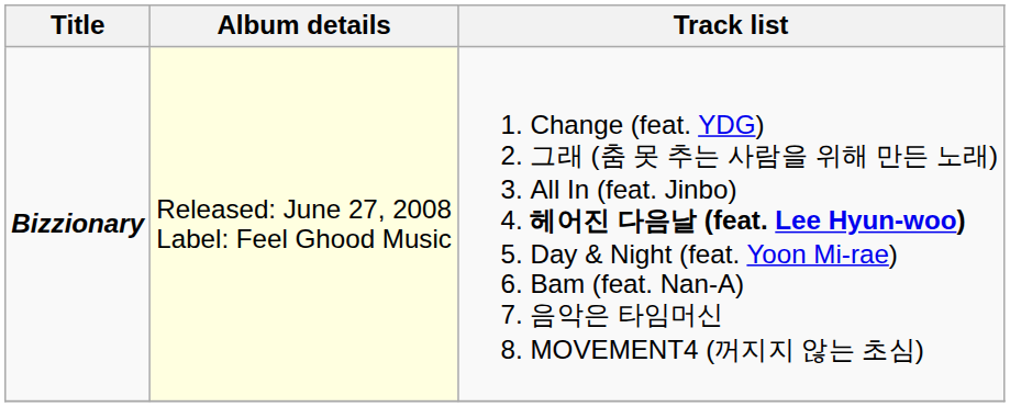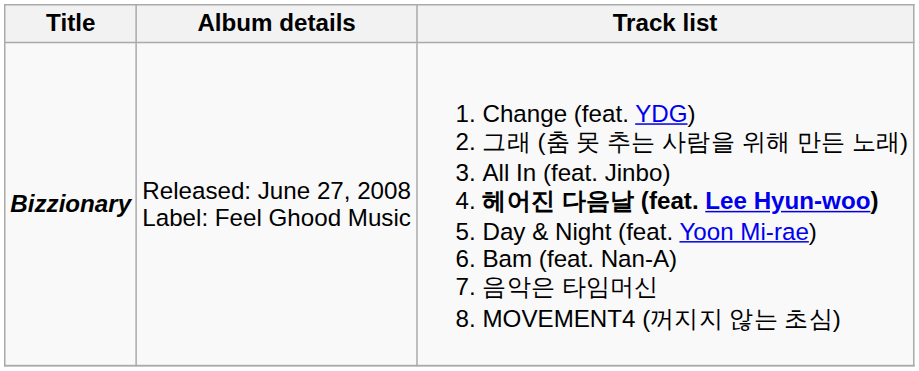 <table class="wikitable">
 <tr>
 <th>Title</th>
 <th>Album details</th>
 <th>Track list</th>
 </tr>
 <tr>
 <td><strong><em>Bizzionary</em></strong></td>
-<td style="background: lightyellow;">Released: June 27, 2008<br>Label: Feel Ghood Music</td>
+<td>Released: June 27, 2008<br>Label: Feel Ghood Music</td>
 <td><br><ol><li>Change (feat. <a href='#'>YDG</a>)</li><li>그래 (춤 못 추는 사람을 위해 만든 노래)</li><li>All In (feat. Jinbo)</li><li><strong>헤어진 다음날 (feat. <a href='#'>Lee Hyun-woo</a>)</strong></li><li>Day & Night (feat. <a href='#'>Yoon Mi-rae</a>)</li><li>Bam (feat. Nan-A)</li><li>음악은 타임머신</li><li>MOVEMENT4 (꺼지지 않는 초심)</li></ol></td>
 </tr>
 <tr>
 </tr>
 </table>
